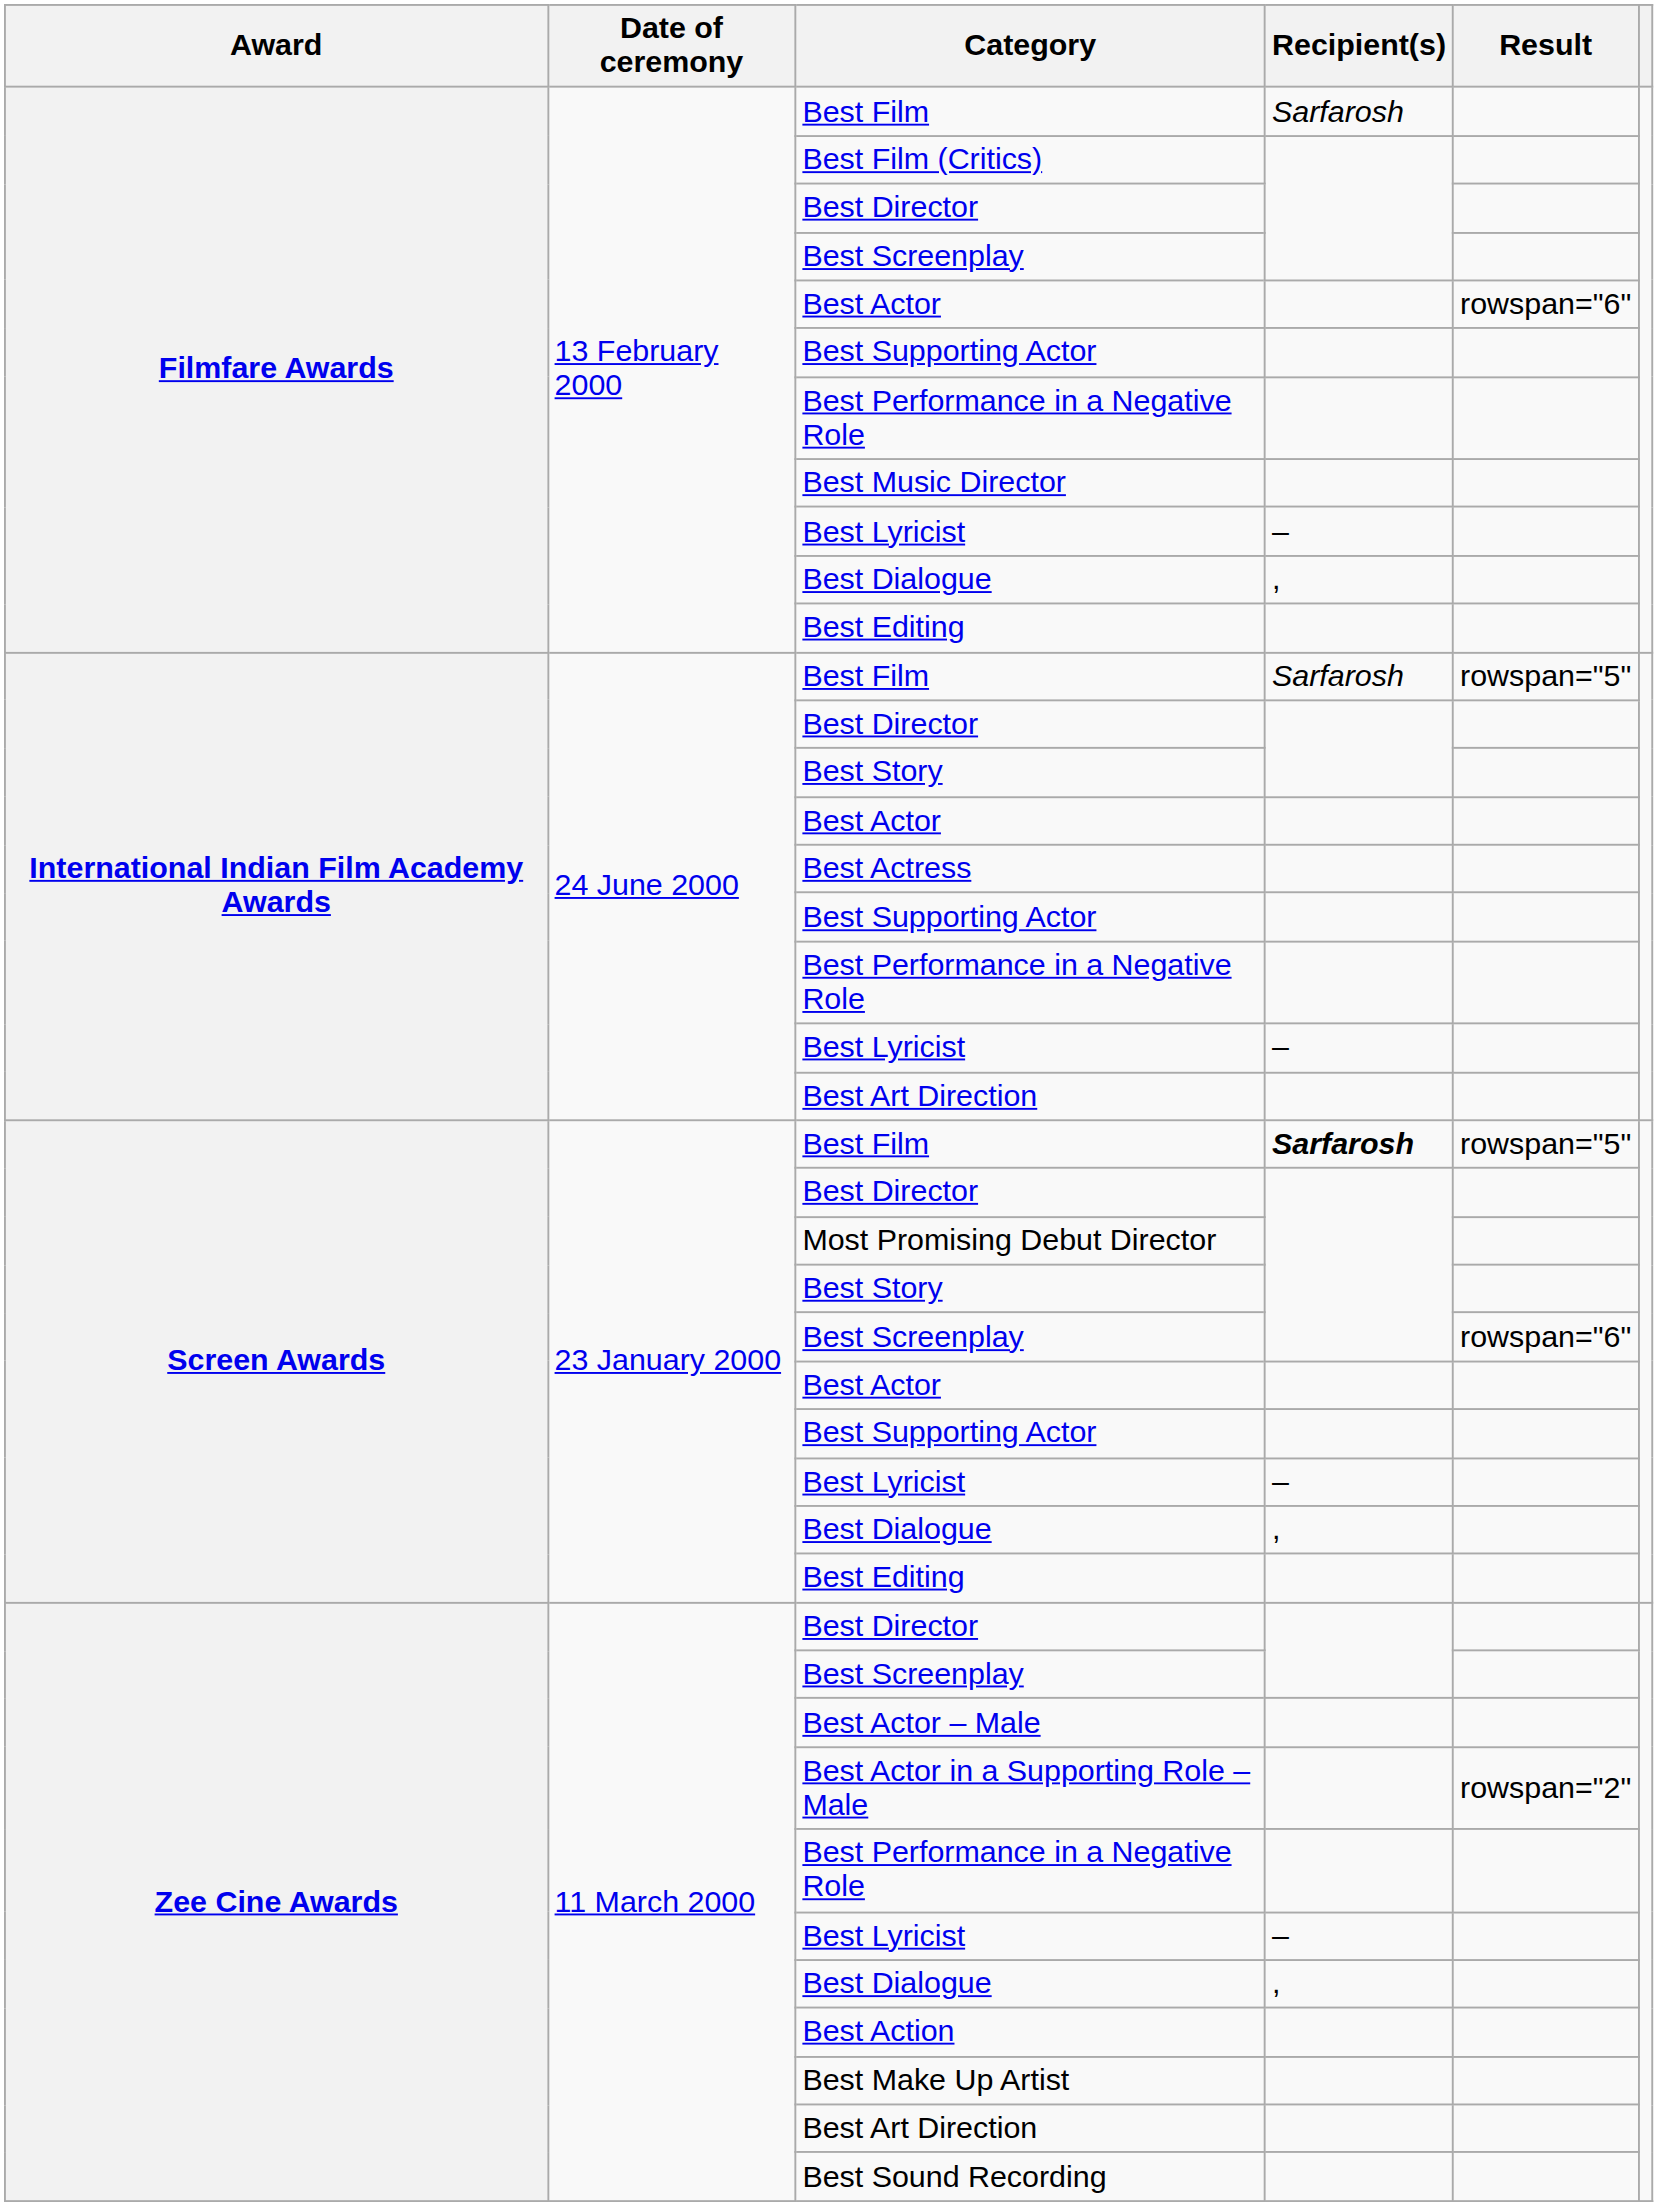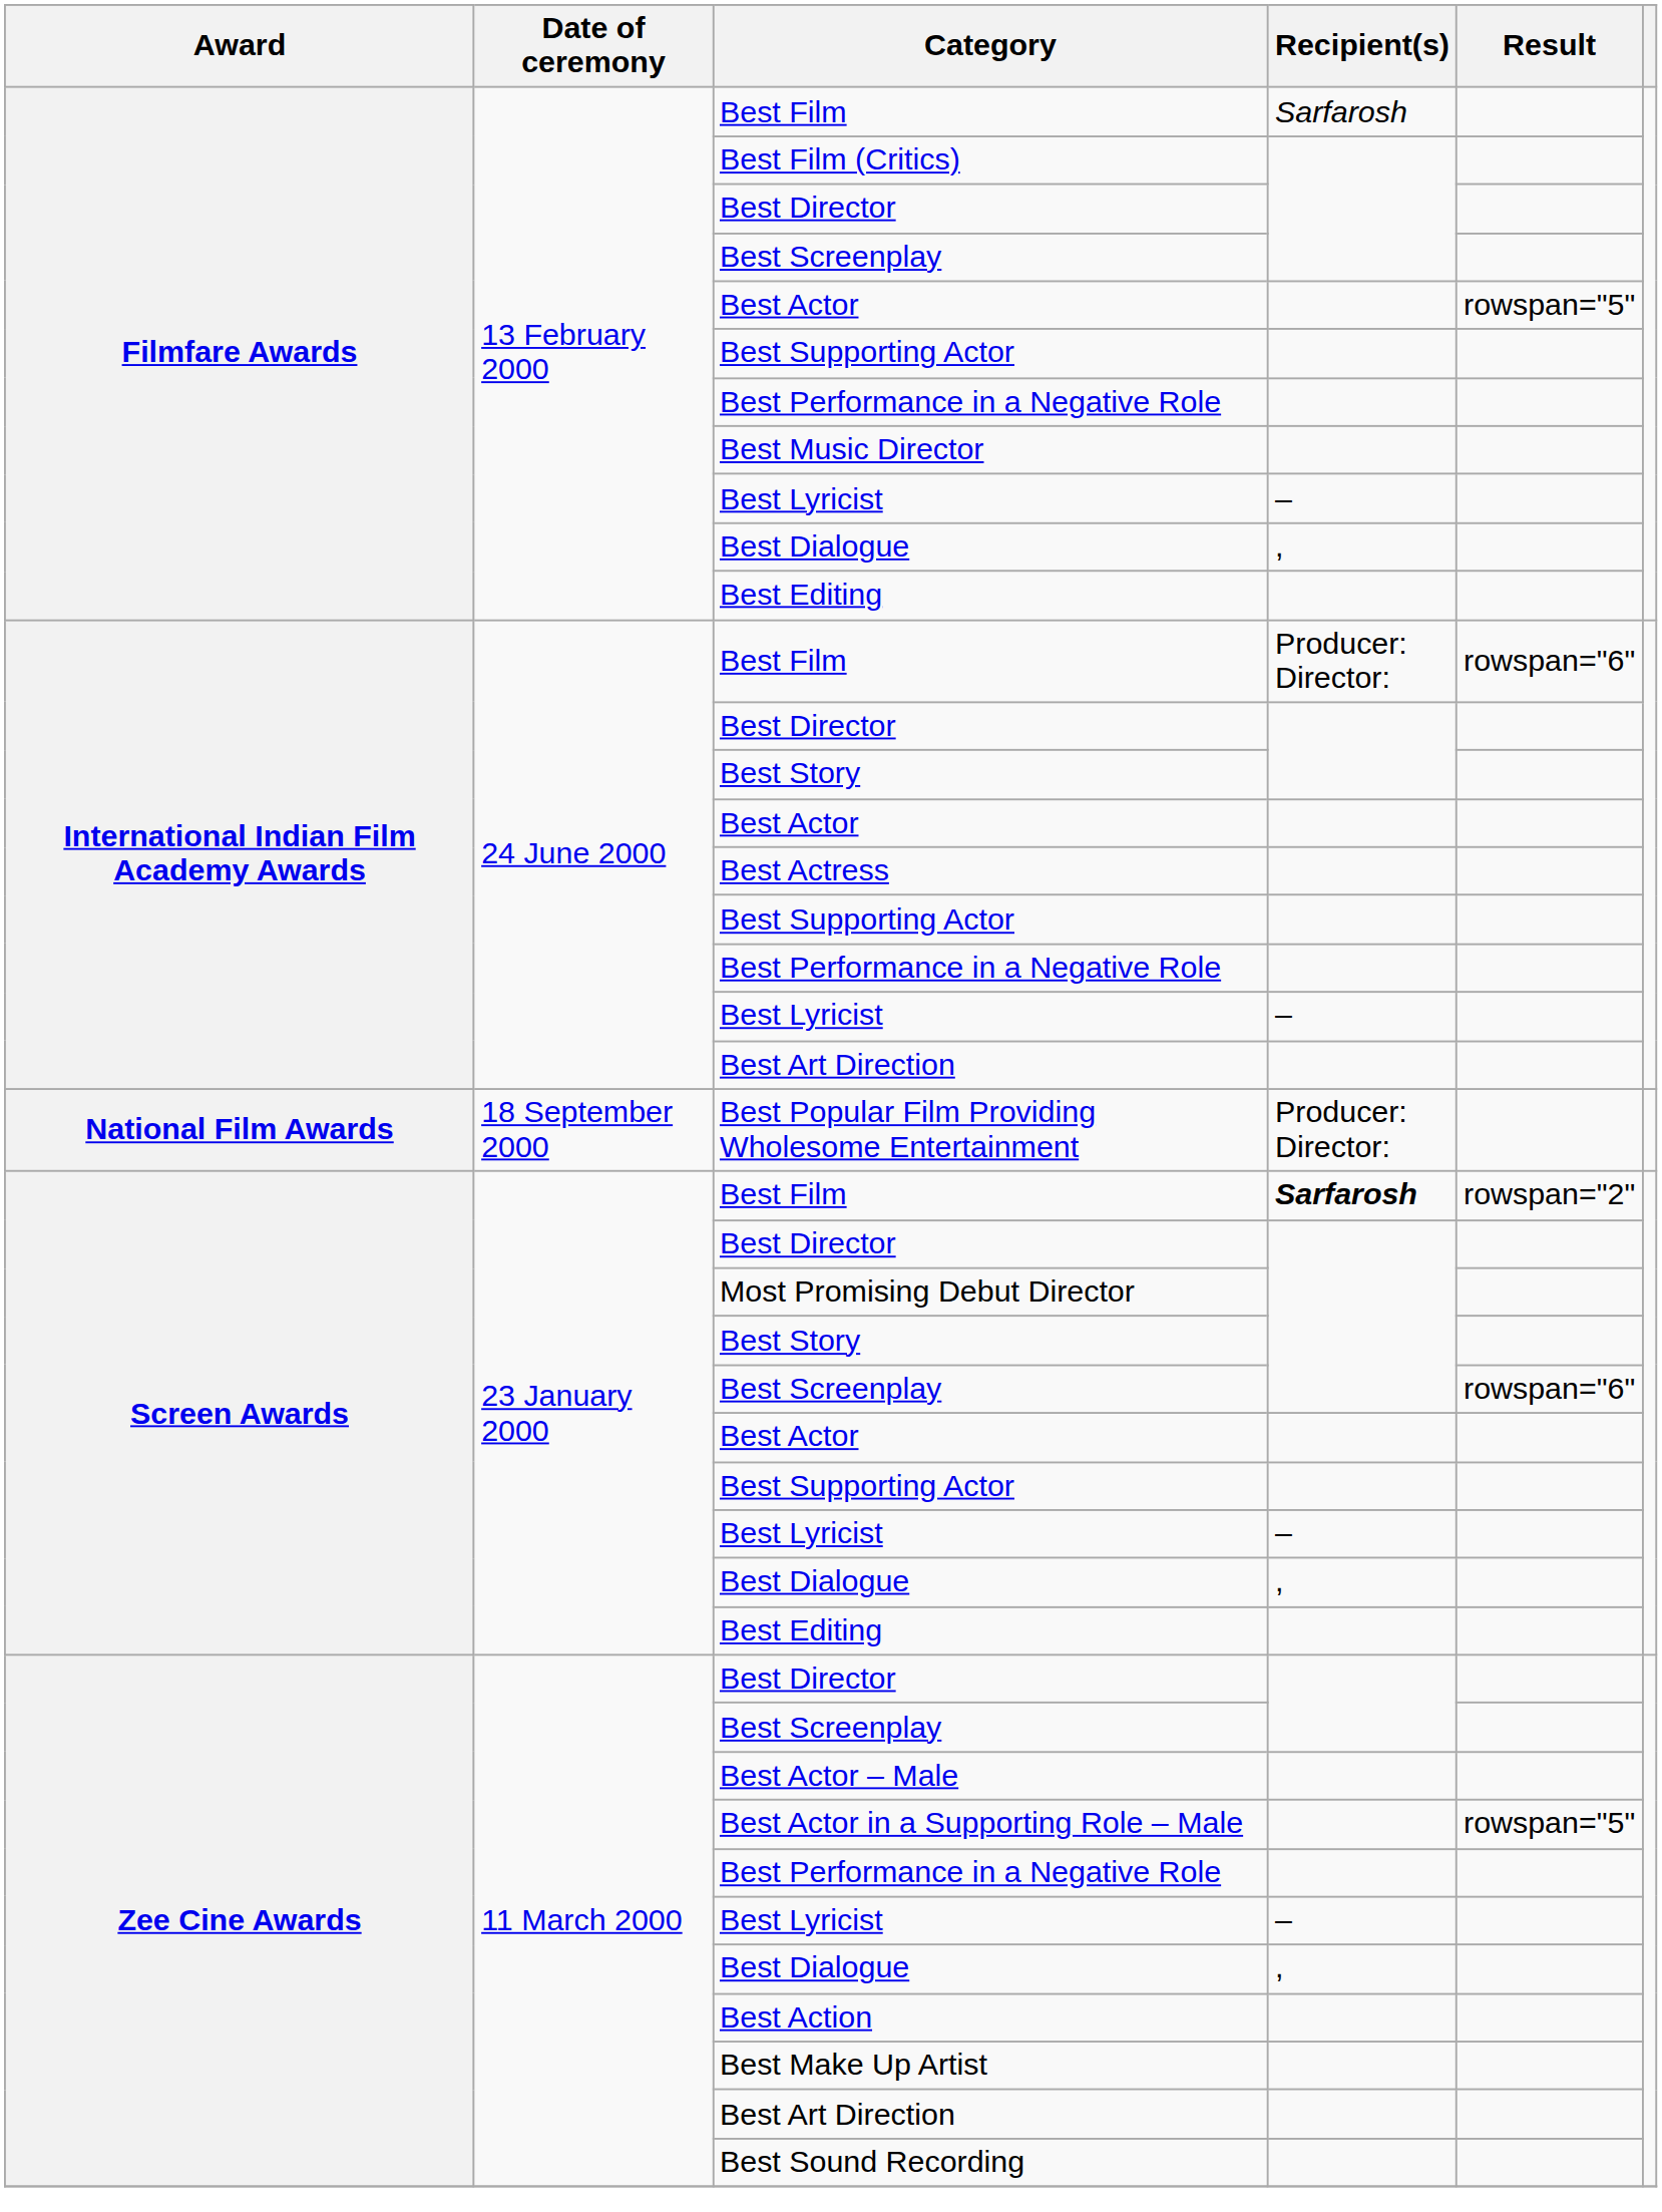 <table class="wikitable plainrowheaders sortable">
 <tr>
 <th scope="col">Award</th>
 <th scope="col">Date of ceremony</th>
 <th scope="col">Category</th>
 <th scope="col">Recipient(s)</th>
 <th scope="col">Result</th>
 <th scope="col" class="unsortable"></th>
 </tr>
 <tr>
 <th scope="row" rowspan="11"><a href='#'>Filmfare Awards</a></th>
 <td rowspan="11"><a href='#'>13 February 2000</a></td>
 <td><a href='#'>Best Film</a></td>
 <td><em>Sarfarosh</em></td>
 <td></td>
 <td style="text-align:center;" rowspan="11"><br><br></td>
 </tr>
 <tr>
 <td><a href='#'>Best Film (Critics)</a></td>
 <td rowspan="3"></td>
 <td></td>
 </tr>
 <tr>
 <td><a href='#'>Best Director</a></td>
 <td></td>
 </tr>
 <tr>
 <td><a href='#'>Best Screenplay</a></td>
 <td></td>
 </tr>
 <tr>
 <td><a href='#'>Best Actor</a></td>
 <td></td>
-<td>rowspan="6"</td>
+<td>rowspan="5"</td>
 </tr>
 <tr>
 <td><a href='#'>Best Supporting Actor</a></td>
 <td></td>
 <td></td>
 </tr>
 <tr>
 <td><a href='#'>Best Performance in a Negative Role</a></td>
 <td></td>
 <td></td>
 </tr>
 <tr>
 <td><a href='#'>Best Music Director</a></td>
 <td></td>
 <td></td>
 </tr>
 <tr>
 <td><a href='#'>Best Lyricist</a></td>
 <td> – </td>
 <td></td>
 </tr>
 <tr>
 <td><a href='#'>Best Dialogue</a></td>
 <td>, </td>
 <td></td>
 </tr>
 <tr>
 <td><a href='#'>Best Editing</a></td>
 <td></td>
 <td></td>
 </tr>
 <tr>
 <th scope="row" rowspan="9"><a href='#'>International Indian Film Academy Awards</a></th>
 <td rowspan="9"><a href='#'>24 June 2000</a></td>
 <td><a href='#'>Best Film</a></td>
-<td><em>Sarfarosh</em></td>
-<td>rowspan="5"</td>
+<td>Producer: <br>Director: </td>
+<td>rowspan="6"</td>
 <td style="text-align:center;" rowspan="9"><br><br></td>
 </tr>
 <tr>
 <td><a href='#'>Best Director</a></td>
 <td rowspan="2"></td>
 <td></td>
 </tr>
 <tr>
 <td><a href='#'>Best Story</a></td>
 <td></td>
 </tr>
 <tr>
 <td><a href='#'>Best Actor</a></td>
 <td></td>
 <td></td>
 </tr>
 <tr>
 <td><a href='#'>Best Actress</a></td>
 <td></td>
 <td></td>
 </tr>
 <tr>
 <td><a href='#'>Best Supporting Actor</a></td>
 <td></td>
 <td></td>
 </tr>
 <tr>
 <td><a href='#'>Best Performance in a Negative Role</a></td>
 <td></td>
 <td></td>
 </tr>
 <tr>
 <td><a href='#'>Best Lyricist</a></td>
 <td> – </td>
 <td></td>
 </tr>
 <tr>
 <td><a href='#'>Best Art Direction</a></td>
 <td></td>
 <td></td>
 </tr>
 <tr>
+<th scope="row"><a href='#'>National Film Awards</a></th>
+<td><a href='#'>18 September 2000</a></td>
+<td><a href='#'>Best Popular Film Providing Wholesome Entertainment</a></td>
+<td>Producer: <br>Director: </td>
+<td></td>
+<td style="text-align:center;"></td>
+</tr>
+<tr>
 <th scope="row" rowspan="10"><a href='#'>Screen Awards</a></th>
 <td rowspan="10"><a href='#'>23 January 2000</a></td>
 <td><a href='#'>Best Film</a></td>
 <td><strong><em>Sarfarosh</em></strong></td>
-<td>rowspan="5"</td>
+<td>rowspan="2"</td>
 <td style="text-align:center;" rowspan="10"><br></td>
 </tr>
 <tr>
 <td><a href='#'>Best Director</a></td>
 <td rowspan="4"></td>
 <td></td>
 </tr>
 <tr>
 <td>Most Promising Debut Director</td>
 <td></td>
 </tr>
 <tr>
 <td><a href='#'>Best Story</a></td>
 <td></td>
 </tr>
 <tr>
 <td><a href='#'>Best Screenplay</a></td>
 <td>rowspan="6"</td>
 </tr>
 <tr>
 <td><a href='#'>Best Actor</a></td>
 <td></td>
 <td></td>
 </tr>
 <tr>
 <td><a href='#'>Best Supporting Actor</a></td>
 <td></td>
 <td></td>
 </tr>
 <tr>
 <td><a href='#'>Best Lyricist</a></td>
 <td> – </td>
 <td></td>
 </tr>
 <tr>
 <td><a href='#'>Best Dialogue</a></td>
 <td>, </td>
 <td></td>
 </tr>
 <tr>
 <td><a href='#'>Best Editing</a></td>
 <td></td>
 <td></td>
 </tr>
 <tr>
 <th scope="row" rowspan="11"><a href='#'>Zee Cine Awards</a></th>
 <td rowspan="11"><a href='#'>11 March 2000</a></td>
 <td><a href='#'>Best Director</a></td>
 <td rowspan="2"></td>
 <td></td>
 <td style="text-align:center;" rowspan="11"><br><br><br><br></td>
 </tr>
 <tr>
 <td><a href='#'>Best Screenplay</a></td>
 <td></td>
 </tr>
 <tr>
 <td><a href='#'>Best Actor – Male</a></td>
 <td></td>
 <td></td>
 </tr>
 <tr>
 <td><a href='#'>Best Actor in a Supporting Role – Male</a></td>
 <td></td>
-<td>rowspan="2"</td>
+<td>rowspan="5"</td>
 </tr>
 <tr>
 <td><a href='#'>Best Performance in a Negative Role</a></td>
 <td></td>
 <td></td>
 </tr>
 <tr>
 <td><a href='#'>Best Lyricist</a></td>
 <td> – </td>
 <td></td>
 </tr>
 <tr>
 <td><a href='#'>Best Dialogue</a></td>
 <td>, </td>
 <td></td>
 </tr>
 <tr>
 <td><a href='#'>Best Action</a></td>
 <td></td>
 <td></td>
 </tr>
 <tr>
 <td>Best Make Up Artist</td>
 <td></td>
 <td></td>
 </tr>
 <tr>
 <td>Best Art Direction</td>
 <td></td>
 <td></td>
 </tr>
 <tr>
 <td>Best Sound Recording</td>
 <td></td>
 <td></td>
 </tr>
 <tr>
 </tr>
 </table>
